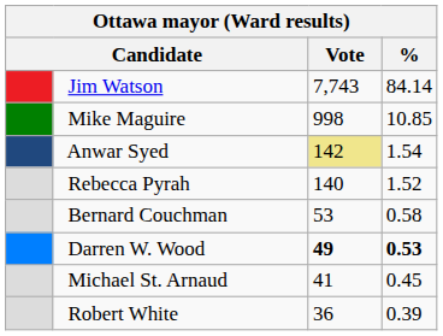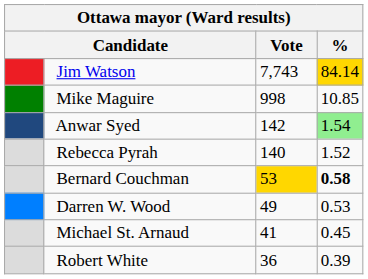 <table class="wikitable">
 <tr>
 <th colspan="4">Ottawa mayor (Ward results)</th>
 </tr>
 <tr>
 <th bgcolor="#DDDDFF" width="230px" colspan="2">Candidate</th>
 <th bgcolor="#DDDDFF" width="50px">Vote</th>
 <th bgcolor="#DDDDFF" width="30px">%</th>
 </tr>
 <tr>
 <td bgcolor=#ED1D24 width="30px"> </td>
 <td>  <a href='#'>Jim Watson</a></td>
 <td>7,743</td>
-<td>84.14</td>
+<td style="background: gold;">84.14</td>
 </tr>
 <tr>
 <td bgcolor=#008000 width="30px"> </td>
 <td>  Mike Maguire</td>
 <td>998</td>
 <td>10.85</td>
 </tr>
 <tr>
 <td bgcolor=#20487E width="30px"> </td>
 <td>  Anwar Syed</td>
-<td style="background: khaki;">142</td>
-<td>1.54</td>
+<td>142</td>
+<td style="background: lightgreen;">1.54</td>
 </tr>
 <tr>
 <td bgcolor=#DCDCDC width="30px"> </td>
 <td>  Rebecca Pyrah</td>
 <td>140</td>
 <td>1.52</td>
 </tr>
 <tr>
 <td bgcolor=#DCDCDC width="30px"> </td>
 <td>  Bernard Couchman</td>
-<td>53</td>
-<td>0.58</td>
+<td style="background: gold;">53</td>
+<td><strong>0.58</strong></td>
 </tr>
 <tr>
 <td bgcolor=#007FFF width="30px"> </td>
 <td>  Darren W. Wood</td>
-<td><strong>49</strong></td>
-<td><strong>0.53</strong></td>
+<td>49</td>
+<td>0.53</td>
 </tr>
 <tr>
 <td bgcolor=#DCDCDC width="30px"> </td>
 <td>  Michael St. Arnaud</td>
 <td>41</td>
 <td>0.45</td>
 </tr>
 <tr>
 <td bgcolor=#DCDCDC width="30px"> </td>
 <td>  Robert White</td>
 <td>36</td>
 <td>0.39</td>
 </tr>
 </table>
